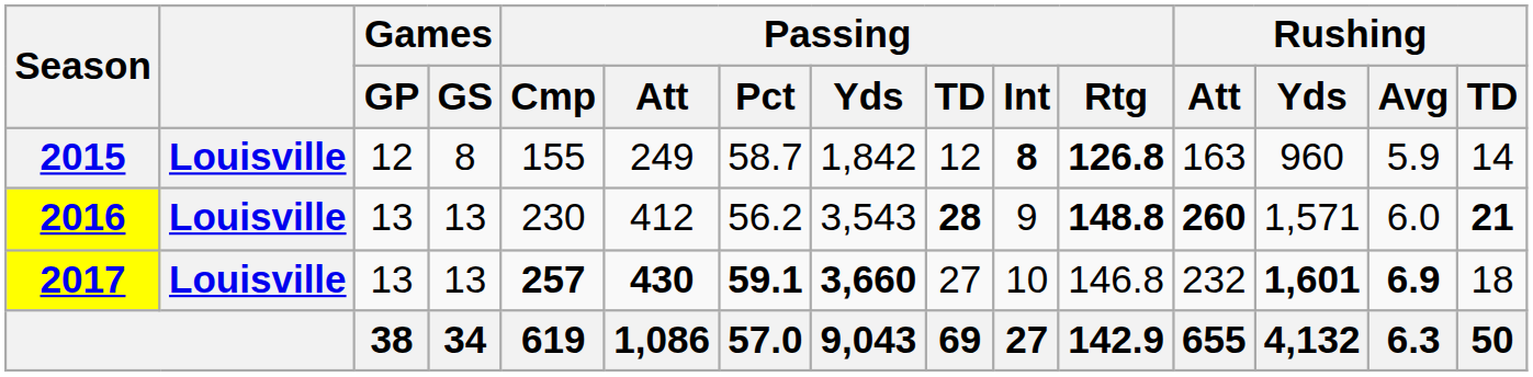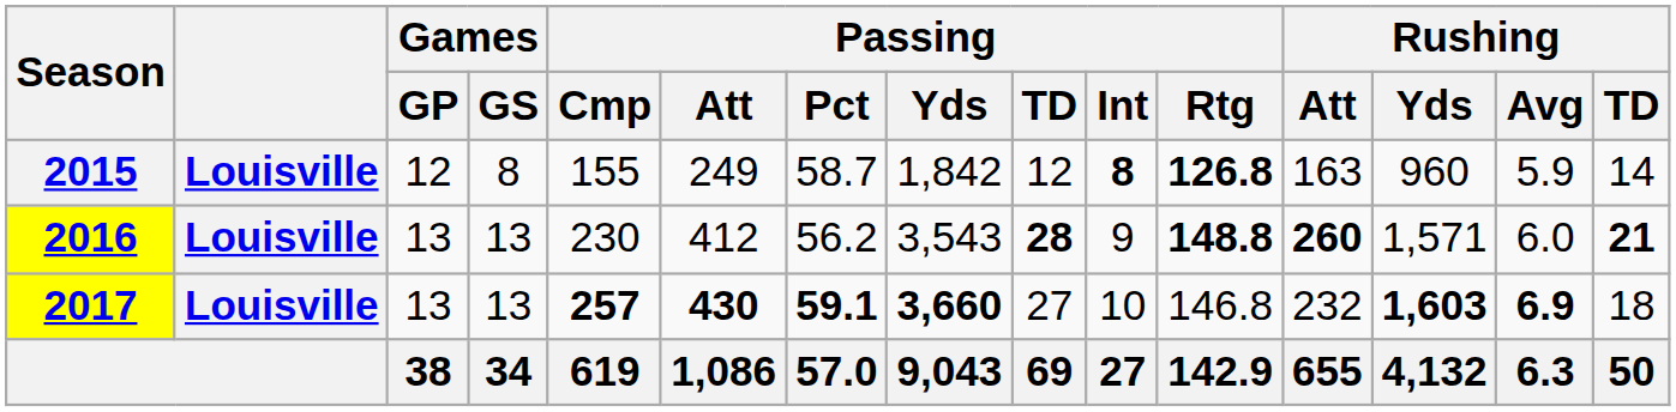 <table class=wikitable style="text-align:center;">
 <tr>
 <th rowspan="2">Season</th>
 <th rowspan="2"></th>
 <th colspan="2">Games</th>
 <th colspan="7">Passing</th>
 <th colspan="4">Rushing</th>
 </tr>
 <tr>
 <th>GP</th>
 <th>GS</th>
 <th>Cmp</th>
 <th>Att</th>
 <th>Pct</th>
 <th>Yds</th>
 <th>TD</th>
 <th>Int</th>
 <th>Rtg</th>
 <th>Att</th>
 <th>Yds</th>
 <th>Avg</th>
 <th>TD</th>
 </tr>
 <tr>
 <th><a href='#'>2015</a></th>
 <th><a href='#'>Louisville</a></th>
 <td>12</td>
 <td>8</td>
 <td>155</td>
 <td>249</td>
 <td>58.7</td>
 <td>1,842</td>
 <td>12</td>
 <td><strong>8</strong></td>
 <td><strong>126.8</strong></td>
 <td>163</td>
 <td>960</td>
 <td>5.9</td>
 <td>14</td>
 </tr>
 <tr>
 <th style="background:#ffff00;"><a href='#'>2016</a></th>
 <th><a href='#'>Louisville</a></th>
 <td>13</td>
 <td>13</td>
 <td>230</td>
 <td>412</td>
 <td>56.2</td>
 <td>3,543</td>
 <td><strong>28</strong></td>
 <td>9</td>
 <td><strong>148.8</strong></td>
 <td><strong>260</strong></td>
 <td>1,571</td>
 <td>6.0</td>
 <td><strong>21</strong></td>
 </tr>
 <tr>
 <th style="background:#ffff00;"><a href='#'>2017</a></th>
 <th><a href='#'>Louisville</a></th>
 <td>13</td>
 <td>13</td>
 <td><strong>257</strong></td>
 <td><strong>430</strong></td>
 <td><strong>59.1</strong></td>
 <td><strong>3,660</strong></td>
 <td>27</td>
 <td>10</td>
 <td>146.8</td>
 <td>232</td>
-<td><strong>1,601</strong></td>
+<td><strong>1,603</strong></td>
 <td><strong>6.9</strong></td>
 <td>18</td>
 </tr>
 <tr>
 <th colspan="2"></th>
 <th>38</th>
 <th>34</th>
 <th>619</th>
 <th>1,086</th>
 <th>57.0</th>
 <th>9,043</th>
 <th>69</th>
 <th>27</th>
 <th>142.9</th>
 <th>655</th>
 <th>4,132</th>
 <th>6.3</th>
 <th>50</th>
 </tr>
 </table>
